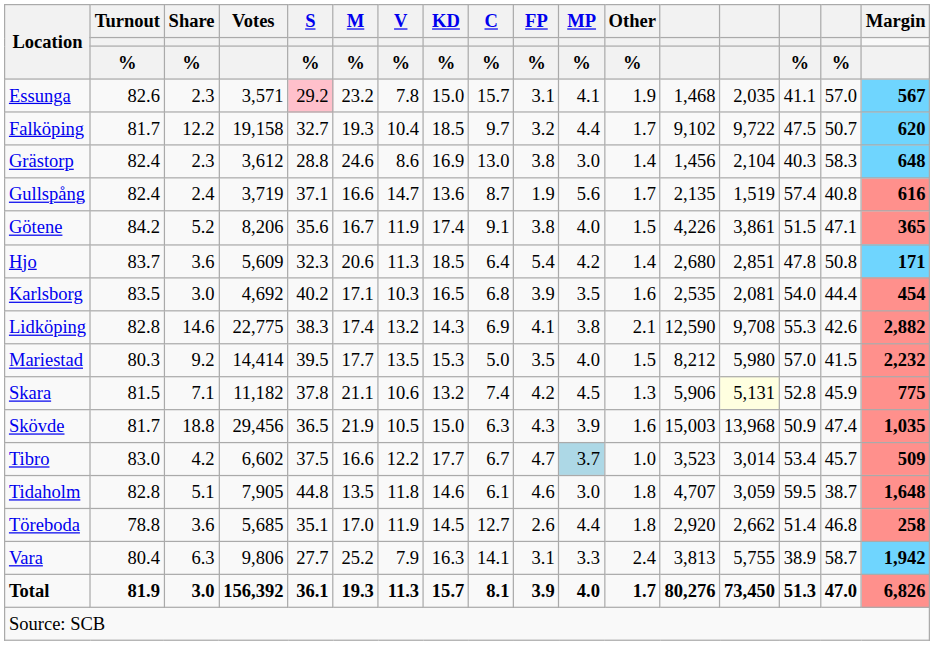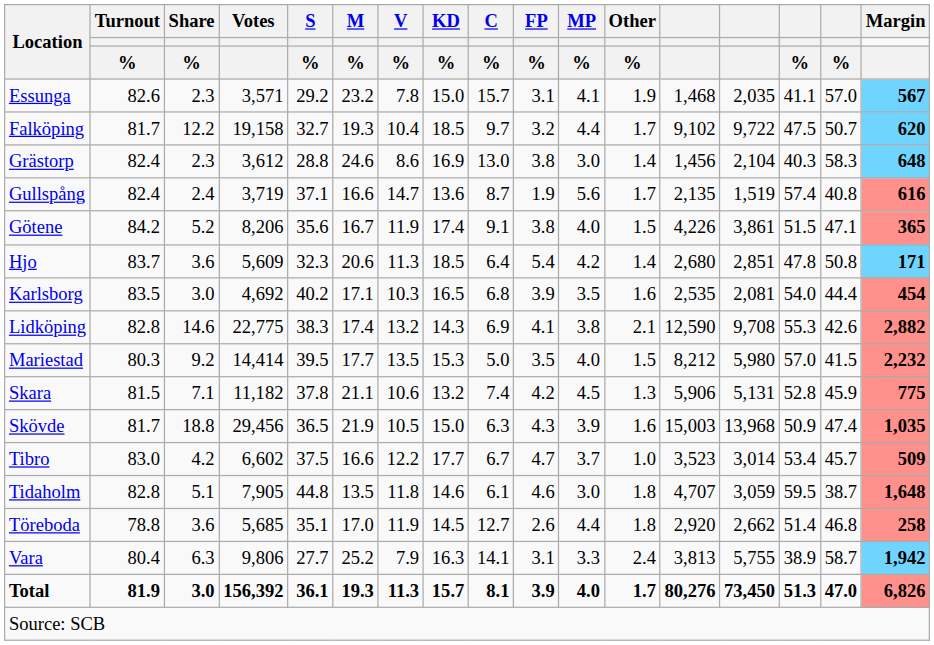 <table class="wikitable sortable" style="text-align:right; font-size:95%; line-height:20px;">
 <tr>
 <th rowspan="3">Location</th>
 <th>Turnout</th>
 <th>Share</th>
 <th>Votes</th>
 <th width="30px" class="unsortable"><a href='#'>S</a></th>
 <th width="30px" class="unsortable"><a href='#'>M</a></th>
 <th width="30px" class="unsortable"><a href='#'>V</a></th>
 <th width="30px" class="unsortable"><a href='#'>KD</a></th>
 <th width="30px" class="unsortable"><a href='#'>C</a></th>
 <th width="30px" class="unsortable"><a href='#'>FP</a></th>
 <th width="30px" class="unsortable"><a href='#'>MP</a></th>
 <th width="30px" class="unsortable">Other</th>
 <th></th>
 <th></th>
 <th></th>
 <th></th>
 <th>Margin</th>
 </tr>
 <tr>
 <th></th>
 <th></th>
 <th></th>
 <th style="background:"></th>
 <th style="background:"></th>
 <th style="background:"></th>
 <th style="background:"></th>
 <th style="background:"></th>
 <th style="background:"></th>
 <th style="background:"></th>
 <th style="background:"></th>
 <th style="background:"></th>
 <th style="background:"></th>
 <th style="background:"></th>
 <th style="background:"></th>
 </tr>
 <tr>
 <th data-sort-type="number">%</th>
 <th data-sort-type="number">%</th>
 <th></th>
 <th data-sort-type="number">%</th>
 <th data-sort-type="number">%</th>
 <th data-sort-type="number">%</th>
 <th data-sort-type="number">%</th>
 <th data-sort-type="number">%</th>
 <th data-sort-type="number">%</th>
 <th data-sort-type="number">%</th>
 <th data-sort-type="number">%</th>
 <th data-sort-type="number"></th>
 <th data-sort-type="number"></th>
 <th data-sort-type="number">%</th>
 <th data-sort-type="number">%</th>
 <th data-sort-type="number"></th>
 </tr>
 <tr>
 <td align=left><a href='#'>Essunga</a></td>
 <td>82.6</td>
 <td>2.3</td>
 <td>3,571</td>
-<td style="background: pink;">29.2</td>
+<td>29.2</td>
 <td>23.2</td>
 <td>7.8</td>
 <td>15.0</td>
 <td>15.7</td>
 <td>3.1</td>
 <td>4.1</td>
 <td>1.9</td>
 <td>1,468</td>
 <td>2,035</td>
 <td>41.1</td>
 <td>57.0</td>
 <td bgcolor=#6fd5fe><strong>567</strong></td>
 </tr>
 <tr>
 <td align=left><a href='#'>Falköping</a></td>
 <td>81.7</td>
 <td>12.2</td>
 <td>19,158</td>
 <td>32.7</td>
 <td>19.3</td>
 <td>10.4</td>
 <td>18.5</td>
 <td>9.7</td>
 <td>3.2</td>
 <td>4.4</td>
 <td>1.7</td>
 <td>9,102</td>
 <td>9,722</td>
 <td>47.5</td>
 <td>50.7</td>
 <td bgcolor=#6fd5fe><strong>620</strong></td>
 </tr>
 <tr>
 <td align=left><a href='#'>Grästorp</a></td>
 <td>82.4</td>
 <td>2.3</td>
 <td>3,612</td>
 <td>28.8</td>
 <td>24.6</td>
 <td>8.6</td>
 <td>16.9</td>
 <td>13.0</td>
 <td>3.8</td>
 <td>3.0</td>
 <td>1.4</td>
 <td>1,456</td>
 <td>2,104</td>
 <td>40.3</td>
 <td>58.3</td>
 <td bgcolor=#6fd5fe><strong>648</strong></td>
 </tr>
 <tr>
 <td align=left><a href='#'>Gullspång</a></td>
 <td>82.4</td>
 <td>2.4</td>
 <td>3,719</td>
 <td>37.1</td>
 <td>16.6</td>
 <td>14.7</td>
 <td>13.6</td>
 <td>8.7</td>
 <td>1.9</td>
 <td>5.6</td>
 <td>1.7</td>
 <td>2,135</td>
 <td>1,519</td>
 <td>57.4</td>
 <td>40.8</td>
 <td bgcolor=#ff908c><strong>616</strong></td>
 </tr>
 <tr>
 <td align=left><a href='#'>Götene</a></td>
 <td>84.2</td>
 <td>5.2</td>
 <td>8,206</td>
 <td>35.6</td>
 <td>16.7</td>
 <td>11.9</td>
 <td>17.4</td>
 <td>9.1</td>
 <td>3.8</td>
 <td>4.0</td>
 <td>1.5</td>
 <td>4,226</td>
 <td>3,861</td>
 <td>51.5</td>
 <td>47.1</td>
 <td bgcolor=#ff908c><strong>365</strong></td>
 </tr>
 <tr>
 <td align=left><a href='#'>Hjo</a></td>
 <td>83.7</td>
 <td>3.6</td>
 <td>5,609</td>
 <td>32.3</td>
 <td>20.6</td>
 <td>11.3</td>
 <td>18.5</td>
 <td>6.4</td>
 <td>5.4</td>
 <td>4.2</td>
 <td>1.4</td>
 <td>2,680</td>
 <td>2,851</td>
 <td>47.8</td>
 <td>50.8</td>
 <td bgcolor=#6fd5fe><strong>171</strong></td>
 </tr>
 <tr>
 <td align=left><a href='#'>Karlsborg</a></td>
 <td>83.5</td>
 <td>3.0</td>
 <td>4,692</td>
 <td>40.2</td>
 <td>17.1</td>
 <td>10.3</td>
 <td>16.5</td>
 <td>6.8</td>
 <td>3.9</td>
 <td>3.5</td>
 <td>1.6</td>
 <td>2,535</td>
 <td>2,081</td>
 <td>54.0</td>
 <td>44.4</td>
 <td bgcolor=#ff908c><strong>454</strong></td>
 </tr>
 <tr>
 <td align=left><a href='#'>Lidköping</a></td>
 <td>82.8</td>
 <td>14.6</td>
 <td>22,775</td>
 <td>38.3</td>
 <td>17.4</td>
 <td>13.2</td>
 <td>14.3</td>
 <td>6.9</td>
 <td>4.1</td>
 <td>3.8</td>
 <td>2.1</td>
 <td>12,590</td>
 <td>9,708</td>
 <td>55.3</td>
 <td>42.6</td>
 <td bgcolor=#ff908c><strong>2,882</strong></td>
 </tr>
 <tr>
 <td align=left><a href='#'>Mariestad</a></td>
 <td>80.3</td>
 <td>9.2</td>
 <td>14,414</td>
 <td>39.5</td>
 <td>17.7</td>
 <td>13.5</td>
 <td>15.3</td>
 <td>5.0</td>
 <td>3.5</td>
 <td>4.0</td>
 <td>1.5</td>
 <td>8,212</td>
 <td>5,980</td>
 <td>57.0</td>
 <td>41.5</td>
 <td bgcolor=#ff908c><strong>2,232</strong></td>
 </tr>
 <tr>
 <td align=left><a href='#'>Skara</a></td>
 <td>81.5</td>
 <td>7.1</td>
 <td>11,182</td>
 <td>37.8</td>
 <td>21.1</td>
 <td>10.6</td>
 <td>13.2</td>
 <td>7.4</td>
 <td>4.2</td>
 <td>4.5</td>
 <td>1.3</td>
 <td>5,906</td>
-<td style="background: lightyellow;">5,131</td>
+<td>5,131</td>
 <td>52.8</td>
 <td>45.9</td>
 <td bgcolor=#ff908c><strong>775</strong></td>
 </tr>
 <tr>
 <td align=left><a href='#'>Skövde</a></td>
 <td>81.7</td>
 <td>18.8</td>
 <td>29,456</td>
 <td>36.5</td>
 <td>21.9</td>
 <td>10.5</td>
 <td>15.0</td>
 <td>6.3</td>
 <td>4.3</td>
 <td>3.9</td>
 <td>1.6</td>
 <td>15,003</td>
 <td>13,968</td>
 <td>50.9</td>
 <td>47.4</td>
 <td bgcolor=#ff908c><strong>1,035</strong></td>
 </tr>
 <tr>
 <td align=left><a href='#'>Tibro</a></td>
 <td>83.0</td>
 <td>4.2</td>
 <td>6,602</td>
 <td>37.5</td>
 <td>16.6</td>
 <td>12.2</td>
 <td>17.7</td>
 <td>6.7</td>
 <td>4.7</td>
-<td style="background: lightblue;">3.7</td>
+<td>3.7</td>
 <td>1.0</td>
 <td>3,523</td>
 <td>3,014</td>
 <td>53.4</td>
 <td>45.7</td>
 <td bgcolor=#ff908c><strong>509</strong></td>
 </tr>
 <tr>
 <td align=left><a href='#'>Tidaholm</a></td>
 <td>82.8</td>
 <td>5.1</td>
 <td>7,905</td>
 <td>44.8</td>
 <td>13.5</td>
 <td>11.8</td>
 <td>14.6</td>
 <td>6.1</td>
 <td>4.6</td>
 <td>3.0</td>
 <td>1.8</td>
 <td>4,707</td>
 <td>3,059</td>
 <td>59.5</td>
 <td>38.7</td>
 <td bgcolor=#ff908c><strong>1,648</strong></td>
 </tr>
 <tr>
 <td align=left><a href='#'>Töreboda</a></td>
 <td>78.8</td>
 <td>3.6</td>
 <td>5,685</td>
 <td>35.1</td>
 <td>17.0</td>
 <td>11.9</td>
 <td>14.5</td>
 <td>12.7</td>
 <td>2.6</td>
 <td>4.4</td>
 <td>1.8</td>
 <td>2,920</td>
 <td>2,662</td>
 <td>51.4</td>
 <td>46.8</td>
 <td bgcolor=#ff908c><strong>258</strong></td>
 </tr>
 <tr>
 <td align=left><a href='#'>Vara</a></td>
 <td>80.4</td>
 <td>6.3</td>
 <td>9,806</td>
 <td>27.7</td>
 <td>25.2</td>
 <td>7.9</td>
 <td>16.3</td>
 <td>14.1</td>
 <td>3.1</td>
 <td>3.3</td>
 <td>2.4</td>
 <td>3,813</td>
 <td>5,755</td>
 <td>38.9</td>
 <td>58.7</td>
 <td bgcolor=#6fd5fe><strong>1,942</strong></td>
 </tr>
 <tr>
 <td align=left><strong>Total</strong></td>
 <td><strong>81.9</strong></td>
 <td><strong>3.0</strong></td>
 <td><strong>156,392</strong></td>
 <td><strong>36.1</strong></td>
 <td><strong>19.3</strong></td>
 <td><strong>11.3</strong></td>
 <td><strong>15.7</strong></td>
 <td><strong>8.1</strong></td>
 <td><strong>3.9</strong></td>
 <td><strong>4.0</strong></td>
 <td><strong>1.7</strong></td>
 <td><strong>80,276</strong></td>
 <td><strong>73,450</strong></td>
 <td><strong>51.3</strong></td>
 <td><strong>47.0</strong></td>
 <td bgcolor=#ff908c><strong>6,826</strong></td>
 </tr>
 <tr>
 <td align=left colspan=17>Source: SCB </td>
 </tr>
 </table>
